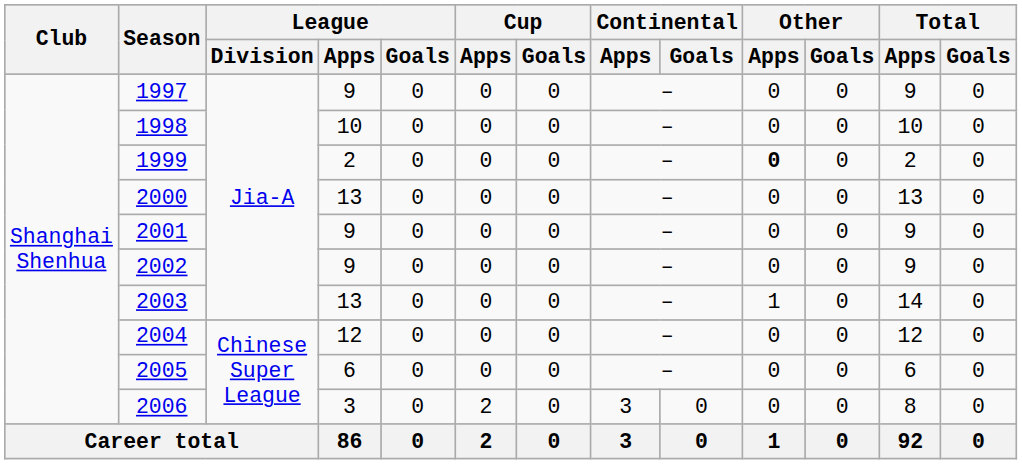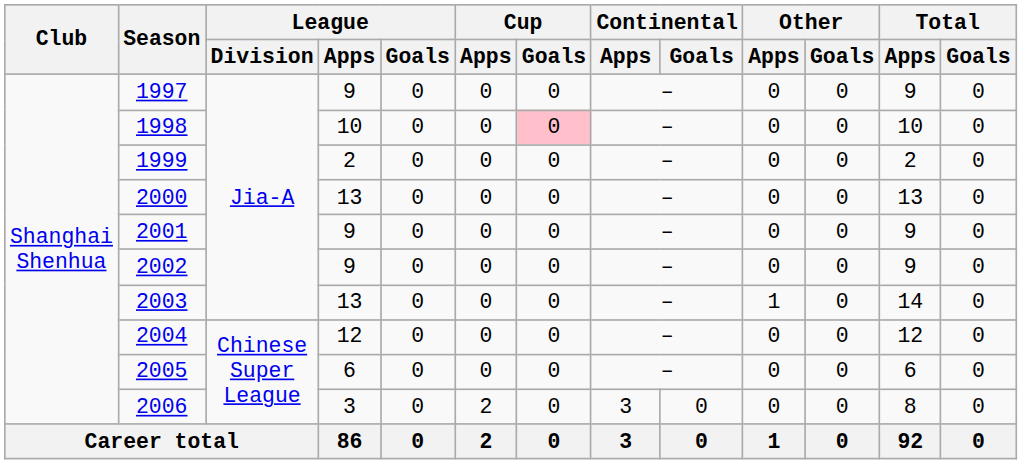 <table class="wikitable" style="text-align: center">
 <tr>
 <th rowspan="2">Club</th>
 <th rowspan="2">Season</th>
 <th colspan="3">League</th>
 <th colspan="2">Cup</th>
 <th colspan="2">Continental</th>
 <th colspan="2">Other</th>
 <th colspan="2">Total</th>
 </tr>
 <tr>
 <th>Division</th>
 <th>Apps</th>
 <th>Goals</th>
 <th>Apps</th>
 <th>Goals</th>
 <th>Apps</th>
 <th>Goals</th>
 <th>Apps</th>
 <th>Goals</th>
 <th>Apps</th>
 <th>Goals</th>
 </tr>
 <tr>
 <td rowspan="10"><a href='#'>Shanghai Shenhua</a></td>
 <td><a href='#'>1997</a></td>
 <td rowspan="7"><a href='#'>Jia-A</a></td>
 <td>9</td>
 <td>0</td>
 <td>0</td>
 <td>0</td>
 <td colspan="2">–</td>
 <td>0</td>
 <td>0</td>
 <td>9</td>
 <td>0</td>
 </tr>
 <tr>
 <td><a href='#'>1998</a></td>
 <td>10</td>
 <td>0</td>
 <td>0</td>
-<td>0</td>
+<td style="background: pink;">0</td>
 <td colspan="2">–</td>
 <td>0</td>
 <td>0</td>
 <td>10</td>
 <td>0</td>
 </tr>
 <tr>
 <td><a href='#'>1999</a></td>
 <td>2</td>
 <td>0</td>
 <td>0</td>
 <td>0</td>
 <td colspan="2">–</td>
-<td><strong>0</strong></td>
+<td>0</td>
 <td>0</td>
 <td>2</td>
 <td>0</td>
 </tr>
 <tr>
 <td><a href='#'>2000</a></td>
 <td>13</td>
 <td>0</td>
 <td>0</td>
 <td>0</td>
 <td colspan="2">–</td>
 <td>0</td>
 <td>0</td>
 <td>13</td>
 <td>0</td>
 </tr>
 <tr>
 <td><a href='#'>2001</a></td>
 <td>9</td>
 <td>0</td>
 <td>0</td>
 <td>0</td>
 <td colspan="2">–</td>
 <td>0</td>
 <td>0</td>
 <td>9</td>
 <td>0</td>
 </tr>
 <tr>
 <td><a href='#'>2002</a></td>
 <td>9</td>
 <td>0</td>
 <td>0</td>
 <td>0</td>
 <td colspan="2">–</td>
 <td>0</td>
 <td>0</td>
 <td>9</td>
 <td>0</td>
 </tr>
 <tr>
 <td><a href='#'>2003</a></td>
 <td>13</td>
 <td>0</td>
 <td>0</td>
 <td>0</td>
 <td colspan="2">–</td>
 <td>1</td>
 <td>0</td>
 <td>14</td>
 <td>0</td>
 </tr>
 <tr>
 <td><a href='#'>2004</a></td>
 <td rowspan="3"><a href='#'>Chinese Super League</a></td>
 <td>12</td>
 <td>0</td>
 <td>0</td>
 <td>0</td>
 <td colspan="2">–</td>
 <td>0</td>
 <td>0</td>
 <td>12</td>
 <td>0</td>
 </tr>
 <tr>
 <td><a href='#'>2005</a></td>
 <td>6</td>
 <td>0</td>
 <td>0</td>
 <td>0</td>
 <td colspan="2">–</td>
 <td>0</td>
 <td>0</td>
 <td>6</td>
 <td>0</td>
 </tr>
 <tr>
 <td><a href='#'>2006</a></td>
 <td>3</td>
 <td>0</td>
 <td>2</td>
 <td>0</td>
 <td>3</td>
 <td>0</td>
 <td>0</td>
 <td>0</td>
 <td>8</td>
 <td>0</td>
 </tr>
 <tr>
 <th colspan=3>Career total</th>
 <th>86</th>
 <th>0</th>
 <th>2</th>
 <th>0</th>
 <th>3</th>
 <th>0</th>
 <th>1</th>
 <th>0</th>
 <th>92</th>
 <th>0</th>
 </tr>
 </table>
